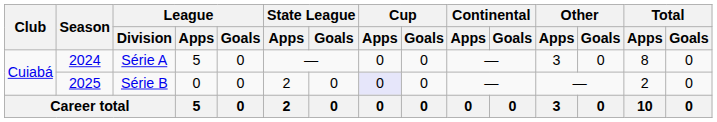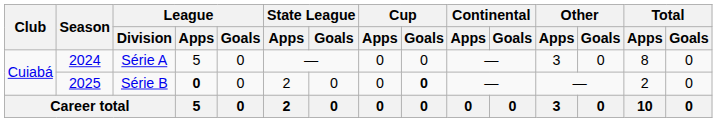 <table class="wikitable" style="text-align:center">
 <tr>
 <th rowspan="2">Club</th>
 <th rowspan="2">Season</th>
 <th colspan="3">League</th>
 <th colspan="2">State League</th>
 <th colspan="2">Cup</th>
 <th colspan="2">Continental</th>
 <th colspan="2">Other</th>
 <th colspan="2">Total</th>
 </tr>
 <tr>
 <th>Division</th>
 <th>Apps</th>
 <th>Goals</th>
 <th>Apps</th>
 <th>Goals</th>
 <th>Apps</th>
 <th>Goals</th>
 <th>Apps</th>
 <th>Goals</th>
 <th>Apps</th>
 <th>Goals</th>
 <th>Apps</th>
 <th>Goals</th>
 </tr>
 <tr>
 <td rowspan="2"><a href='#'>Cuiabá</a></td>
 <td><a href='#'>2024</a></td>
 <td><a href='#'>Série A</a></td>
 <td>5</td>
 <td>0</td>
 <td colspan="2">—</td>
 <td>0</td>
 <td>0</td>
 <td colspan="2">—</td>
 <td>3</td>
 <td>0</td>
 <td>8</td>
 <td>0</td>
 </tr>
 <tr>
 <td><a href='#'>2025</a></td>
 <td><a href='#'>Série B</a></td>
-<td>0</td>
+<td><strong>0</strong></td>
 <td>0</td>
 <td>2</td>
 <td>0</td>
-<td style="background: lavender;">0</td>
 <td>0</td>
+<td><strong>0</strong></td>
 <td colspan="2">—</td>
 <td colspan="2">—</td>
 <td>2</td>
 <td>0</td>
 </tr>
 <tr>
 <th colspan=3>Career total</th>
 <th>5</th>
 <th>0</th>
 <th>2</th>
 <th>0</th>
 <th>0</th>
 <th>0</th>
 <th>0</th>
 <th>0</th>
 <th>3</th>
 <th>0</th>
 <th>10</th>
 <th>0</th>
 </tr>
 </table>
